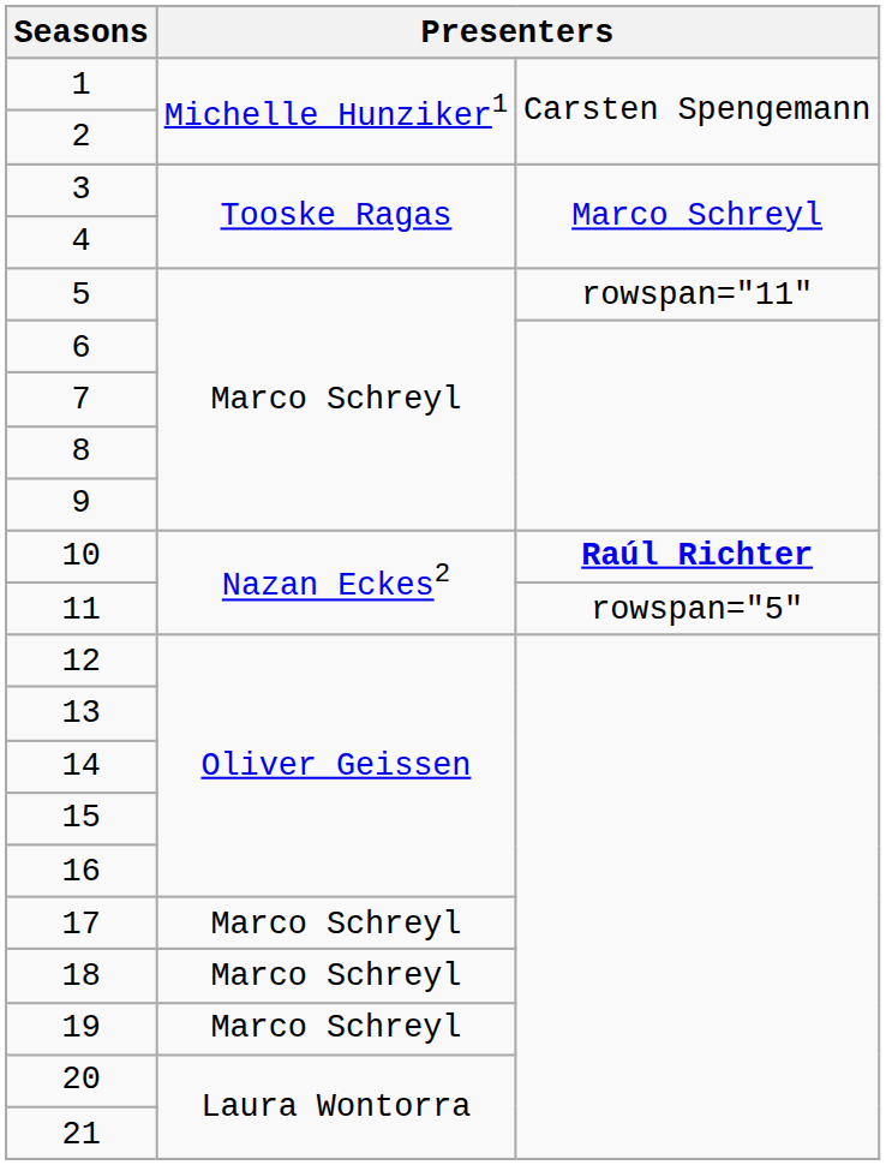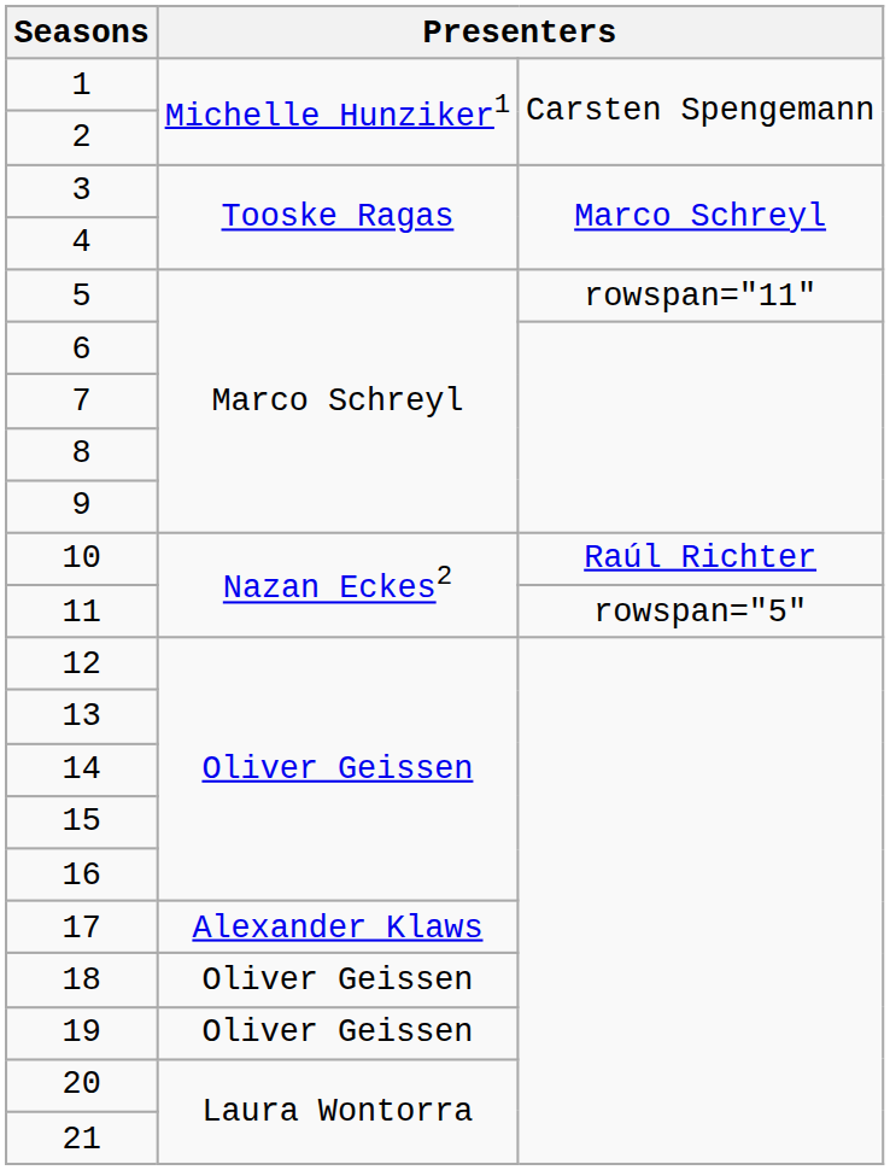 <table class="wikitable" style="text-align:center;">
 <tr>
 <th>Seasons</th>
 <th colspan="2">Presenters</th>
 </tr>
 <tr>
 <td>1</td>
 <td rowspan="2"><a href='#'>Michelle Hunziker</a><sup>1</sup></td>
 <td rowspan="2">Carsten Spengemann</td>
 </tr>
 <tr>
 <td>2</td>
 </tr>
 <tr>
 <td>3</td>
 <td rowspan="2"><a href='#'>Tooske Ragas</a></td>
 <td rowspan="2"><a href='#'>Marco Schreyl</a></td>
 </tr>
 <tr>
 <td>4</td>
 </tr>
 <tr>
 <td>5</td>
 <td rowspan="5">Marco Schreyl</td>
 <td>rowspan="11" </td>
 </tr>
 <tr>
 <td>6</td>
 </tr>
 <tr>
 <td>7</td>
 </tr>
 <tr>
 <td>8</td>
 </tr>
 <tr>
 <td>9</td>
 </tr>
 <tr>
 <td>10</td>
 <td rowspan="2"><a href='#'>Nazan Eckes</a><sup>2</sup></td>
-<td><strong><a href='#'>Raúl Richter</a></strong></td>
+<td><a href='#'>Raúl Richter</a></td>
 </tr>
 <tr>
 <td>11</td>
 <td>rowspan="5" </td>
 </tr>
 <tr>
 <td>12</td>
 <td rowspan="5"><a href='#'>Oliver Geissen</a></td>
 </tr>
 <tr>
 <td>13</td>
 </tr>
 <tr>
 <td>14</td>
 </tr>
 <tr>
 <td>15</td>
 </tr>
 <tr>
 <td>16</td>
 </tr>
 <tr>
 <td>17</td>
-<td rowspan="1">Marco Schreyl</td>
+<td rowspan="1"><a href='#'>Alexander Klaws</a></td>
 </tr>
 <tr>
 <td>18</td>
-<td rowspan="1">Marco Schreyl</td>
+<td rowspan="1">Oliver Geissen</td>
 </tr>
 <tr>
 <td>19</td>
-<td rowspan="1">Marco Schreyl</td>
+<td rowspan="1">Oliver Geissen</td>
 </tr>
 <tr>
 <td>20</td>
 <td rowspan="2">Laura Wontorra</td>
 </tr>
 <tr>
 <td>21</td>
 </tr>
 </table>
